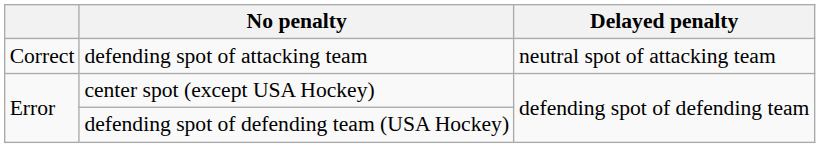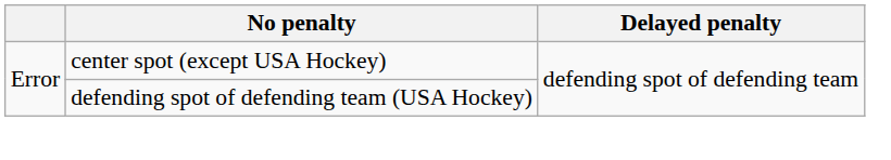 <table class="wikitable">
 <tr>
 <th></th>
 <th>No penalty</th>
 <th>Delayed penalty</th>
-</tr>
-<tr>
-<td>Correct</td>
-<td>defending spot of attacking team</td>
-<td>neutral spot of attacking team</td>
 </tr>
 <tr>
 <td rowspan=2>Error</td>
 <td>center spot (except USA Hockey)</td>
 <td rowspan=2>defending spot of defending team</td>
 </tr>
 <tr>
 <td>defending spot of defending team (USA Hockey)</td>
 </tr>
 </table>
